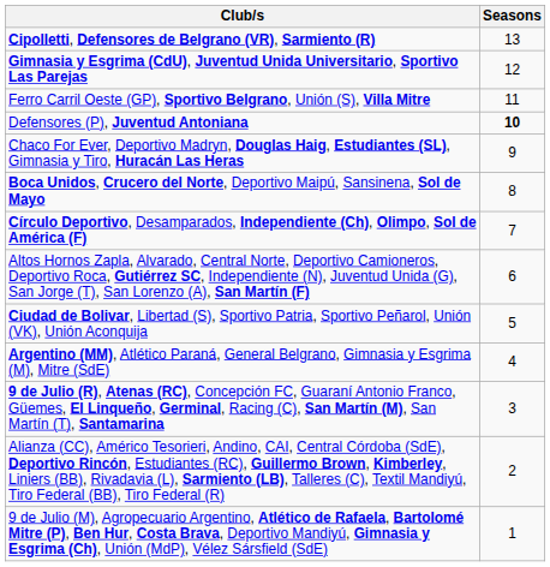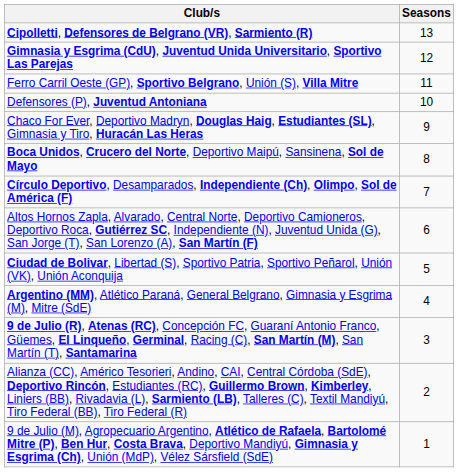 <table class="wikitable ">
 <tr>
 <th width=800px>Club/s</th>
 <th width=60px>Seasons</th>
 </tr>
 <tr>
 <td align=left><strong><a href='#'>Cipolletti</a></strong>, <strong><a href='#'>Defensores de Belgrano (VR)</a></strong>, <strong><a href='#'>Sarmiento (R)</a></strong></td>
 <td align=center>13</td>
 </tr>
 <tr>
 <td align=left><strong><a href='#'>Gimnasia y Esgrima (CdU)</a></strong>, <strong><a href='#'>Juventud Unida Universitario</a></strong>, <strong><a href='#'>Sportivo Las Parejas</a></strong></td>
 <td align=center>12</td>
 </tr>
 <tr>
 <td align=left><a href='#'>Ferro Carril Oeste (GP)</a>, <strong><a href='#'>Sportivo Belgrano</a></strong>, <a href='#'>Unión (S)</a>, <strong><a href='#'>Villa Mitre</a></strong></td>
 <td align=center>11</td>
 </tr>
 <tr>
 <td align=left><a href='#'>Defensores (P)</a>, <strong><a href='#'>Juventud Antoniana</a></strong></td>
-<td align=center><strong>10</strong></td>
+<td align=center>10</td>
 </tr>
 <tr>
 <td align=left><a href='#'>Chaco For Ever</a>, <a href='#'>Deportivo Madryn</a>, <strong><a href='#'>Douglas Haig</a></strong>, <strong><a href='#'>Estudiantes (SL)</a></strong>, <a href='#'>Gimnasia y Tiro</a>, <strong><a href='#'>Huracán Las Heras</a></strong></td>
 <td align=center>9</td>
 </tr>
 <tr>
 <td align=left><strong><a href='#'>Boca Unidos</a></strong>, <strong><a href='#'>Crucero del Norte</a></strong>, <a href='#'>Deportivo Maipú</a>, <a href='#'>Sansinena</a>,  <strong><a href='#'>Sol de Mayo</a></strong></td>
 <td align=center>8</td>
 </tr>
 <tr>
 <td align=left><strong><a href='#'>Círculo Deportivo</a></strong>, <a href='#'>Desamparados</a>,  <strong><a href='#'>Independiente (Ch)</a></strong>, <strong><a href='#'>Olimpo</a></strong>, <strong><a href='#'>Sol de América (F)</a></strong></td>
 <td align=center>7</td>
 </tr>
 <tr>
 <td align=left><a href='#'>Altos Hornos Zapla</a>, <a href='#'>Alvarado</a>, <a href='#'>Central Norte</a>, <a href='#'>Deportivo Camioneros</a>, <a href='#'>Deportivo Roca</a>, <strong><a href='#'>Gutiérrez SC</a></strong>, <a href='#'>Independiente (N)</a>, <a href='#'>Juventud Unida (G)</a>, <a href='#'>San Jorge (T)</a>, <a href='#'>San Lorenzo (A)</a>, <strong><a href='#'>San Martín (F)</a></strong></td>
 <td align=center>6</td>
 </tr>
 <tr>
 <td align=left><strong><a href='#'>Ciudad de Bolivar</a></strong>, <a href='#'>Libertad (S)</a>, <a href='#'>Sportivo Patria</a>, <a href='#'>Sportivo Peñarol</a>, <a href='#'>Unión (VK)</a>, <a href='#'>Unión Aconquija</a></td>
 <td align=center>5</td>
 </tr>
 <tr>
 <td align=left><strong><a href='#'>Argentino (MM)</a></strong>, <a href='#'>Atlético Paraná</a>, <a href='#'>General Belgrano</a>, <a href='#'>Gimnasia y Esgrima (M)</a>, <a href='#'>Mitre (SdE)</a></td>
 <td align=center>4</td>
 </tr>
 <tr>
 <td align=left><strong><a href='#'>9 de Julio (R)</a></strong>, <strong><a href='#'>Atenas (RC)</a></strong>, <a href='#'>Concepción FC</a>, <a href='#'>Guaraní Antonio Franco</a>, <a href='#'>Güemes</a>, <strong><a href='#'>El Linqueño</a></strong>, <strong><a href='#'>Germinal</a></strong>, <a href='#'>Racing (C)</a>, <strong><a href='#'>San Martín (M)</a></strong>, <a href='#'>San Martín (T)</a>, <strong><a href='#'>Santamarina</a></strong></td>
 <td align=center>3</td>
 </tr>
 <tr>
 <td align=left><a href='#'>Alianza (CC)</a>, <a href='#'>Américo Tesorieri</a>, <a href='#'>Andino</a>, <a href='#'>CAI</a>, <a href='#'>Central Córdoba (SdE)</a>, <strong><a href='#'>Deportivo Rincón</a></strong>, <a href='#'>Estudiantes (RC)</a>, <strong><a href='#'>Guillermo Brown</a></strong>, <strong><a href='#'>Kimberley</a></strong>, <a href='#'>Liniers (BB)</a>, <a href='#'>Rivadavia (L)</a>, <strong><a href='#'>Sarmiento (LB)</a></strong>, <a href='#'>Talleres (C)</a>, <a href='#'>Textil Mandiyú</a>, <a href='#'>Tiro Federal (BB)</a>, <a href='#'>Tiro Federal (R)</a></td>
 <td align=center>2</td>
 </tr>
 <tr>
 <td align=left><a href='#'>9 de Julio (M)</a>, <a href='#'>Agropecuario Argentino</a>, <strong><a href='#'>Atlético de Rafaela</a></strong>, <strong><a href='#'>Bartolomé Mitre (P)</a></strong>, <strong><a href='#'>Ben Hur</a></strong>, <strong><a href='#'>Costa Brava</a></strong>, <a href='#'>Deportivo Mandiyú</a>, <strong><a href='#'>Gimnasia y Esgrima (Ch)</a></strong>, <a href='#'>Unión (MdP)</a>, <a href='#'>Vélez Sársfield (SdE)</a></td>
 <td align=center>1</td>
 </tr>
 </table>
